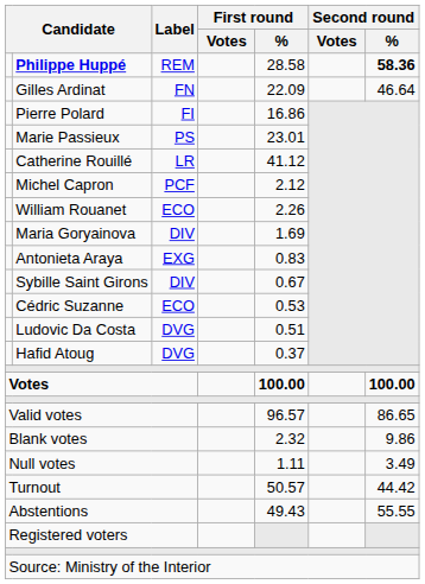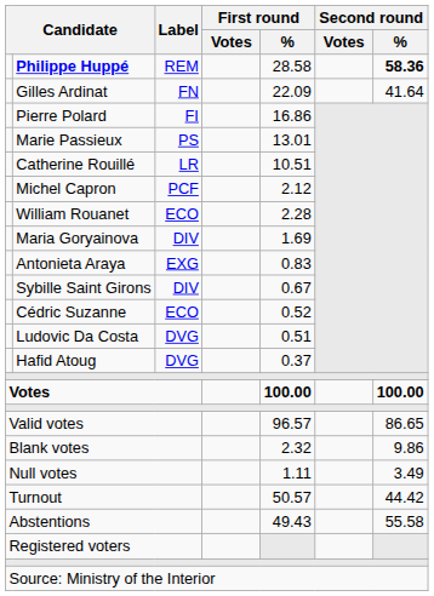 <table class="wikitable" style="text-align:right;font-size:95%;">
 <tr>
 <th rowspan="2" colspan="2">Candidate</th>
 <th rowspan="2">Label</th>
 <th colspan="2">First round</th>
 <th colspan="2">Second round</th>
 </tr>
 <tr>
 <th style="width:50px;">Votes</th>
 <th style="width:45px;">%</th>
 <th style="width:50px;">Votes</th>
 <th style="width:45px;">%</th>
 </tr>
 <tr>
 <td style="color:inherit;background:"></td>
 <td style="text-align:left;"><strong><a href='#'>Philippe Huppé</a></strong></td>
 <td><a href='#'>REM</a></td>
 <td></td>
 <td>28.58</td>
 <td><strong></strong></td>
 <td><strong>58.36</strong></td>
 </tr>
 <tr>
 <td style="color:inherit;background:"></td>
 <td style="text-align:left;">Gilles Ardinat</td>
 <td><a href='#'>FN</a></td>
 <td></td>
 <td>22.09</td>
 <td></td>
-<td>46.64</td>
+<td>41.64</td>
 </tr>
 <tr>
 <td style="color:inherit;background:"></td>
 <td style="text-align:left;">Pierre Polard</td>
 <td><a href='#'>FI</a></td>
 <td></td>
 <td>16.86</td>
 <td colspan="2" rowspan="11" style="background:#E9E9E9;"></td>
 </tr>
 <tr>
 <td style="color:inherit;background:"></td>
 <td style="text-align:left;">Marie Passieux</td>
 <td><a href='#'>PS</a></td>
 <td></td>
-<td>23.01</td>
+<td>13.01</td>
 </tr>
 <tr>
 <td style="color:inherit;background:"></td>
 <td style="text-align:left;">Catherine Rouillé</td>
 <td><a href='#'>LR</a></td>
 <td></td>
-<td>41.12</td>
+<td>10.51</td>
 </tr>
 <tr>
 <td style="color:inherit;background:"></td>
 <td style="text-align:left;">Michel Capron</td>
 <td><a href='#'>PCF</a></td>
 <td></td>
 <td>2.12</td>
 </tr>
 <tr>
 <td style="color:inherit;background:"></td>
 <td style="text-align:left;">William Rouanet</td>
 <td><a href='#'>ECO</a></td>
 <td></td>
-<td>2.26</td>
+<td>2.28</td>
 </tr>
 <tr>
 <td style="color:inherit;background:"></td>
 <td style="text-align:left;">Maria Goryainova</td>
 <td><a href='#'>DIV</a></td>
 <td></td>
 <td>1.69</td>
 </tr>
 <tr>
 <td style="color:inherit;background:"></td>
 <td style="text-align:left;">Antonieta Araya</td>
 <td><a href='#'>EXG</a></td>
 <td></td>
 <td>0.83</td>
 </tr>
 <tr>
 <td style="color:inherit;background:"></td>
 <td style="text-align:left;">Sybille Saint Girons</td>
 <td><a href='#'>DIV</a></td>
 <td></td>
 <td>0.67</td>
 </tr>
 <tr>
 <td style="color:inherit;background:"></td>
 <td style="text-align:left;">Cédric Suzanne</td>
 <td><a href='#'>ECO</a></td>
 <td></td>
-<td>0.53</td>
+<td>0.52</td>
 </tr>
 <tr>
 <td style="color:inherit;background:"></td>
 <td style="text-align:left;">Ludovic Da Costa</td>
 <td><a href='#'>DVG</a></td>
 <td></td>
 <td>0.51</td>
 </tr>
 <tr>
 <td style="color:inherit;background:"></td>
 <td style="text-align:left;">Hafid Atoug</td>
 <td><a href='#'>DVG</a></td>
 <td></td>
 <td>0.37</td>
 </tr>
 <tr>
 <td colspan="7" style="background:#E9E9E9;"></td>
 </tr>
 <tr style="font-weight:bold;">
 <td colspan="3" style="text-align:left;">Votes</td>
 <td></td>
 <td>100.00</td>
 <td></td>
 <td>100.00</td>
 </tr>
 <tr>
 <td colspan="7" style="background:#E9E9E9;"></td>
 </tr>
 <tr>
 <td colspan="3" style="text-align:left;">Valid votes</td>
 <td></td>
 <td>96.57</td>
 <td></td>
 <td>86.65</td>
 </tr>
 <tr>
 <td colspan="3" style="text-align:left;">Blank votes</td>
 <td></td>
 <td>2.32</td>
 <td></td>
 <td>9.86</td>
 </tr>
 <tr>
 <td colspan="3" style="text-align:left;">Null votes</td>
 <td></td>
 <td>1.11</td>
 <td></td>
 <td>3.49</td>
 </tr>
 <tr>
 <td colspan="3" style="text-align:left;">Turnout</td>
 <td></td>
 <td>50.57</td>
 <td></td>
 <td>44.42</td>
 </tr>
 <tr>
 <td colspan="3" style="text-align:left;">Abstentions</td>
 <td></td>
 <td>49.43</td>
 <td></td>
-<td>55.55</td>
+<td>55.58</td>
 </tr>
 <tr>
 <td colspan="3" style="text-align:left;">Registered voters</td>
 <td></td>
 <td style="color:inherit;background:#E9E9E9;"></td>
 <td></td>
 <td style="color:inherit;background:#E9E9E9;"></td>
 </tr>
 <tr>
 <td colspan="7" style="background:#E9E9E9;"></td>
 </tr>
 <tr>
 <td colspan="7" style="text-align:left;">Source: Ministry of the Interior</td>
 </tr>
 </table>
